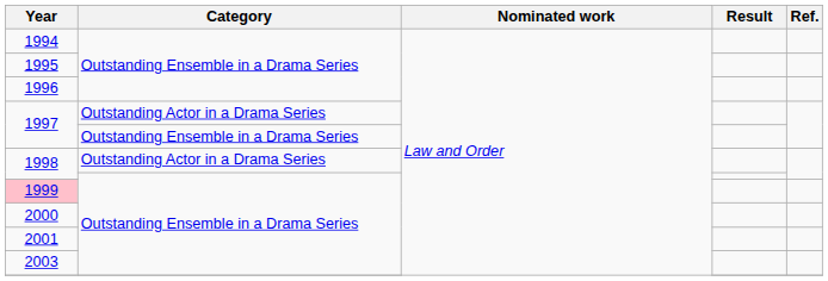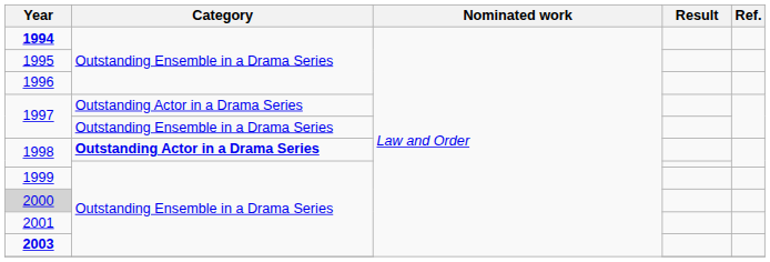 <table class=wikitable>
 <tr>
 <th scope="col" style="width:5em;">Year</th>
 <th scope="col" style="width:26em;">Category</th>
 <th scope="col" style="width:25em;">Nominated work</th>
 <th scope="col" style="width:5em;">Result</th>
 <th>Ref.</th>
 </tr>
 <tr>
-<td style="text-align:center;"><a href='#'>1994</a></td>
+<td style="text-align:center;"><strong><a href='#'>1994</a></strong></td>
 <td rowspan="3"><a href='#'>Outstanding Ensemble in a Drama Series</a></td>
 <td rowspan=15><em><a href='#'>Law and Order</a></em></td>
 <td></td>
 <td></td>
 </tr>
 <tr>
 <td style="text-align:center;"><a href='#'>1995</a></td>
 <td></td>
 <td></td>
 </tr>
 <tr>
 <td style="text-align:center;"><a href='#'>1996</a></td>
 <td></td>
 <td></td>
 </tr>
 <tr>
 <td rowspan=2, style="text-align:center;"><a href='#'>1997</a></td>
 <td><a href='#'>Outstanding Actor in a Drama Series</a></td>
 <td></td>
 <td rowspan=2></td>
 </tr>
 <tr>
 <td><a href='#'>Outstanding Ensemble in a Drama Series</a></td>
 <td></td>
 </tr>
 <tr>
 <td rowspan=2, style="text-align:center;"><a href='#'>1998</a></td>
-<td><a href='#'>Outstanding Actor in a Drama Series</a></td>
+<td><strong><a href='#'>Outstanding Actor in a Drama Series</a></strong></td>
 <td></td>
 <td rowspan=2></td>
 </tr>
 <tr>
 <td rowspan=5><a href='#'>Outstanding Ensemble in a Drama Series</a></td>
 <td></td>
 </tr>
 <tr>
-<td style="background: pink; text-align:center;"><a href='#'>1999</a></td>
+<td style="text-align:center;"><a href='#'>1999</a></td>
 <td></td>
 <td></td>
 </tr>
 <tr>
-<td style="text-align:center;"><a href='#'>2000</a></td>
+<td style="background: lightgrey; text-align:center;"><a href='#'>2000</a></td>
 <td></td>
 <td></td>
 </tr>
 <tr>
 <td style="text-align:center;"><a href='#'>2001</a></td>
 <td></td>
 <td></td>
 </tr>
 <tr>
-<td style="text-align:center;"><a href='#'>2003</a></td>
+<td style="text-align:center;"><strong><a href='#'>2003</a></strong></td>
 <td></td>
 <td></td>
 </tr>
 <tr>
 </tr>
 </table>
